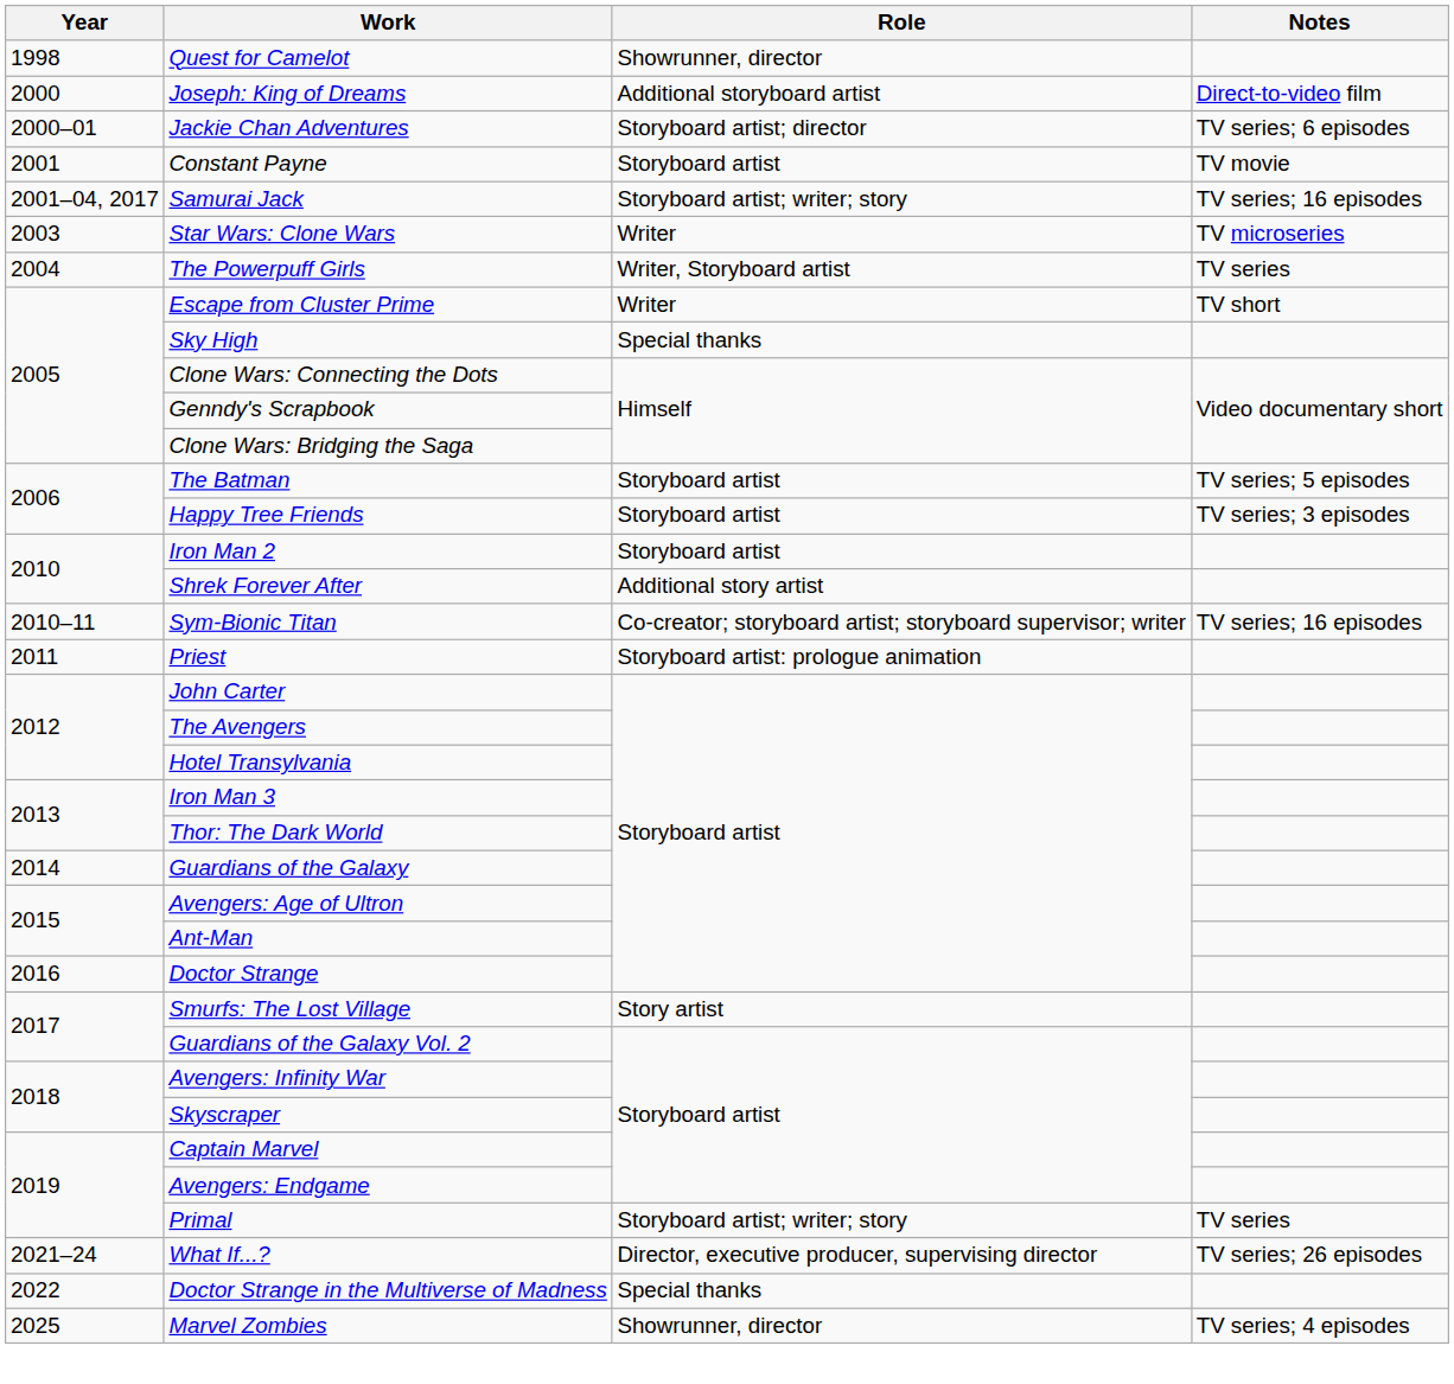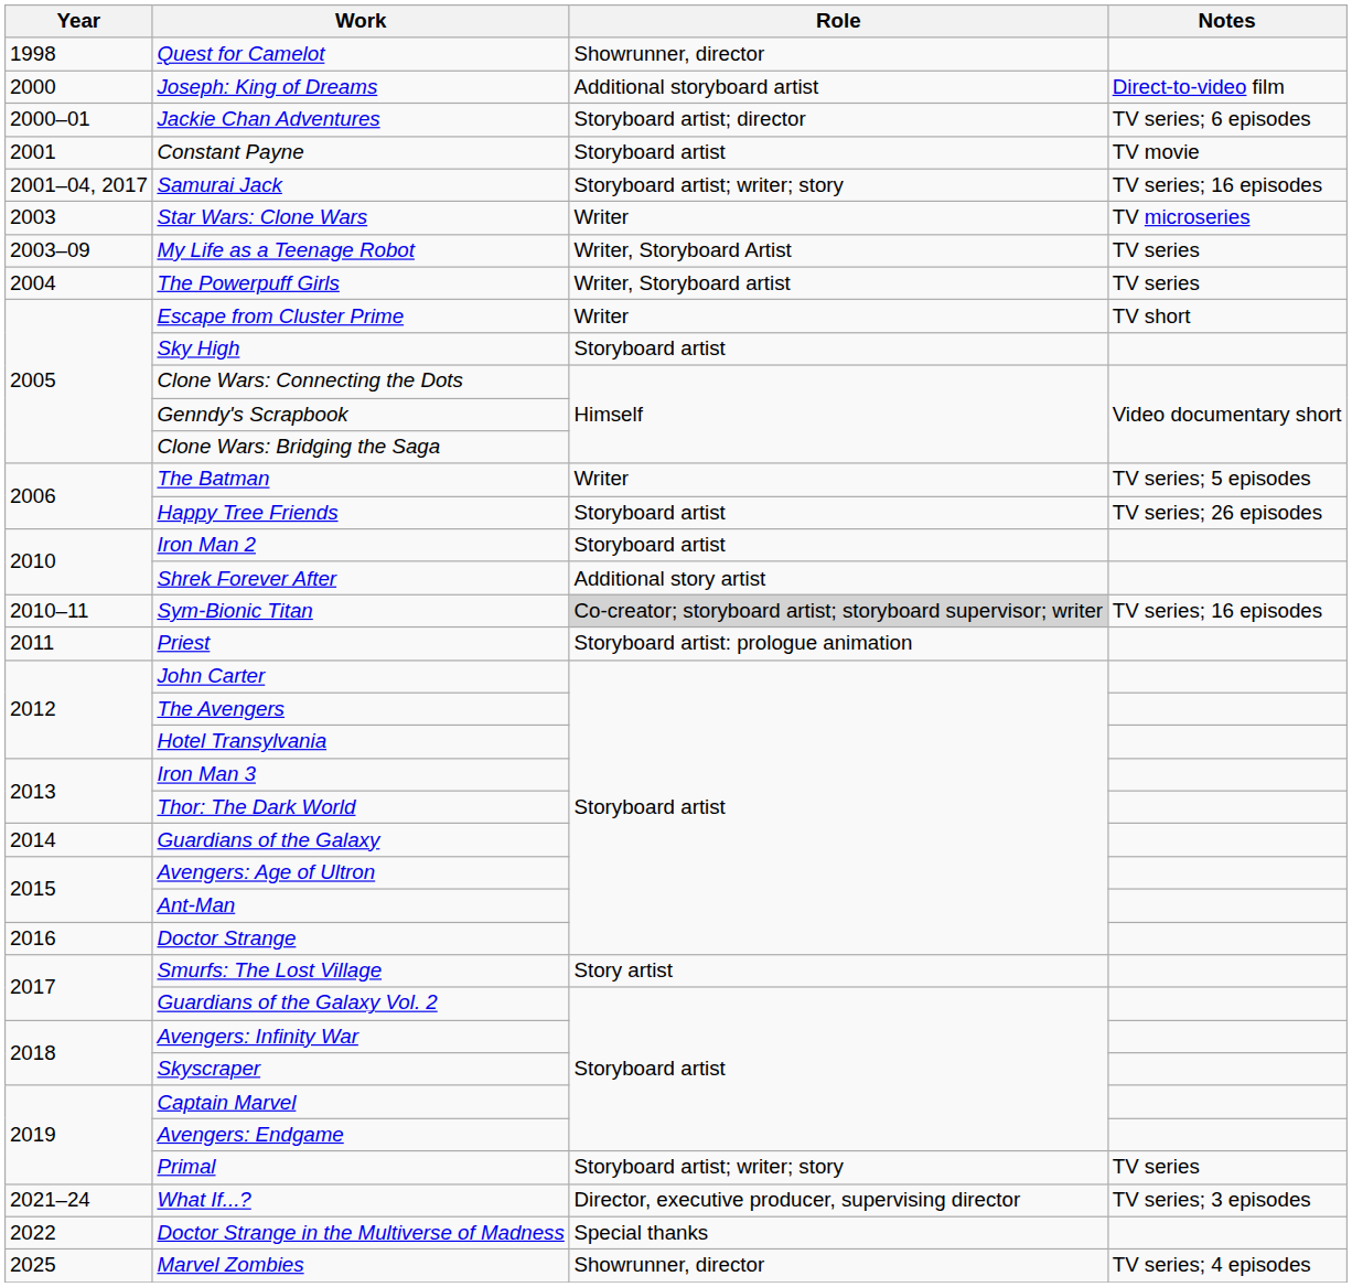 <table class="wikitable">
 <tr>
 <th>Year</th>
 <th>Work</th>
 <th>Role</th>
 <th>Notes</th>
 </tr>
 <tr>
 <td>1998</td>
 <td><em><a href='#'>Quest for Camelot</a></em></td>
 <td>Showrunner, director</td>
 <td></td>
 </tr>
 <tr>
 <td>2000</td>
 <td><em><a href='#'>Joseph: King of Dreams</a></em></td>
 <td>Additional storyboard artist</td>
 <td><a href='#'>Direct-to-video</a> film</td>
 </tr>
 <tr>
 <td>2000–01</td>
 <td><em><a href='#'>Jackie Chan Adventures</a></em></td>
 <td>Storyboard artist; director</td>
 <td>TV series; 6 episodes</td>
 </tr>
 <tr>
 <td>2001</td>
 <td><em>Constant Payne</em></td>
 <td>Storyboard artist</td>
 <td>TV movie</td>
 </tr>
 <tr>
 <td>2001–04, 2017</td>
 <td><em><a href='#'>Samurai Jack</a></em></td>
 <td>Storyboard artist; writer; story</td>
 <td>TV series; 16 episodes</td>
 </tr>
 <tr>
 <td>2003</td>
 <td><em><a href='#'>Star Wars: Clone Wars</a></em></td>
 <td>Writer</td>
 <td>TV <a href='#'>microseries</a></td>
 </tr>
 <tr>
+<td>2003–09</td>
+<td><em><a href='#'>My Life as a Teenage Robot</a></em></td>
+<td>Writer, Storyboard Artist</td>
+<td>TV series</td>
+</tr>
+<tr>
 <td>2004</td>
 <td><em><a href='#'>The Powerpuff Girls</a></em></td>
 <td>Writer, Storyboard artist</td>
 <td>TV series</td>
 </tr>
 <tr>
 <td rowspan="5">2005</td>
 <td><em><a href='#'>Escape from Cluster Prime</a></em></td>
 <td>Writer</td>
 <td>TV short</td>
 </tr>
 <tr>
 <td><em><a href='#'>Sky High</a></em></td>
-<td>Special thanks</td>
+<td>Storyboard artist</td>
 <td></td>
 </tr>
 <tr>
 <td><em>Clone Wars: Connecting the Dots</em></td>
 <td rowspan="3">Himself</td>
 <td rowspan="3">Video documentary short</td>
 </tr>
 <tr>
 <td><em>Genndy's Scrapbook</em></td>
 </tr>
 <tr>
 <td><em>Clone Wars: Bridging the Saga</em></td>
 </tr>
 <tr>
 <td rowspan="2">2006</td>
 <td><em><a href='#'>The Batman</a></em></td>
-<td>Storyboard artist</td>
+<td>Writer</td>
 <td>TV series; 5 episodes</td>
 </tr>
 <tr>
 <td><em><a href='#'>Happy Tree Friends</a></em></td>
 <td>Storyboard artist</td>
-<td>TV series; 3 episodes</td>
+<td>TV series; 26 episodes</td>
 </tr>
 <tr>
 <td rowspan="2">2010</td>
 <td><em><a href='#'>Iron Man 2</a></em></td>
 <td>Storyboard artist</td>
 </tr>
 <tr>
 <td><em><a href='#'>Shrek Forever After</a></em></td>
 <td>Additional story artist</td>
 <td></td>
 </tr>
 <tr>
 <td>2010–11</td>
 <td><em><a href='#'>Sym-Bionic Titan</a></em></td>
-<td>Co-creator; storyboard artist; storyboard supervisor; writer</td>
+<td style="background: lightgrey;">Co-creator; storyboard artist; storyboard supervisor; writer</td>
 <td>TV series; 16 episodes</td>
 </tr>
 <tr>
 <td>2011</td>
 <td><em><a href='#'>Priest</a></em></td>
 <td>Storyboard artist: prologue animation</td>
 <td></td>
 </tr>
 <tr>
 <td rowspan="3">2012</td>
 <td><em><a href='#'>John Carter</a></em></td>
 <td rowspan="9">Storyboard artist</td>
 <td></td>
 </tr>
 <tr>
 <td><em><a href='#'>The Avengers</a></em></td>
 <td></td>
 </tr>
 <tr>
 <td><em><a href='#'>Hotel Transylvania</a></em></td>
 <td></td>
 </tr>
 <tr>
 <td rowspan="2">2013</td>
 <td><em><a href='#'>Iron Man 3</a></em></td>
 <td></td>
 </tr>
 <tr>
 <td><em><a href='#'>Thor: The Dark World</a></em></td>
 <td></td>
 </tr>
 <tr>
 <td>2014</td>
 <td><em><a href='#'>Guardians of the Galaxy</a></em></td>
 <td></td>
 </tr>
 <tr>
 <td rowspan="2">2015</td>
 <td><em><a href='#'>Avengers: Age of Ultron</a></em></td>
 <td></td>
 </tr>
 <tr>
 <td><em><a href='#'>Ant-Man</a></em></td>
 <td></td>
 </tr>
 <tr>
 <td>2016</td>
 <td><em><a href='#'>Doctor Strange</a></em></td>
 <td></td>
 </tr>
 <tr>
 <td rowspan="2">2017</td>
 <td><em><a href='#'>Smurfs: The Lost Village</a></em></td>
 <td>Story artist</td>
 <td></td>
 </tr>
 <tr>
 <td><em><a href='#'>Guardians of the Galaxy Vol. 2</a></em></td>
 <td rowspan="5">Storyboard artist</td>
 <td></td>
 </tr>
 <tr>
 <td rowspan="2">2018</td>
 <td><em><a href='#'>Avengers: Infinity War</a></em></td>
 <td></td>
 </tr>
 <tr>
 <td><em><a href='#'>Skyscraper</a></em></td>
 <td></td>
 </tr>
 <tr>
 <td rowspan="3">2019</td>
 <td><em><a href='#'>Captain Marvel</a></em></td>
 <td></td>
 </tr>
 <tr>
 <td><em><a href='#'>Avengers: Endgame</a></em></td>
 <td></td>
 </tr>
 <tr>
 <td><em><a href='#'>Primal</a></em></td>
 <td>Storyboard artist; writer; story</td>
 <td>TV series</td>
 </tr>
 <tr>
 <td>2021–24</td>
 <td><em><a href='#'>What If...?</a></em></td>
 <td>Director, executive producer, supervising director</td>
-<td>TV series; 26 episodes</td>
+<td>TV series; 3 episodes</td>
 </tr>
 <tr>
 <td>2022</td>
 <td><em><a href='#'>Doctor Strange in the Multiverse of Madness</a></em></td>
 <td>Special thanks</td>
 <td></td>
 </tr>
 <tr>
 <td>2025</td>
 <td><em><a href='#'>Marvel Zombies</a></em></td>
 <td>Showrunner, director</td>
 <td>TV series; 4 episodes</td>
 </tr>
 </table>
